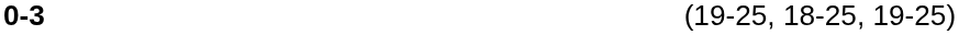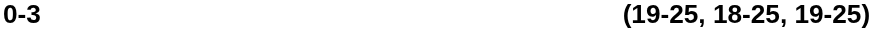 <table width=100% cellspacing=1>
 <tr>
 <th width=20%></th>
 <th width=12%></th>
 <th width=20%></th>
 <th width=33%></th>
 <td></td>
 </tr>
 <tr style=font-size:90%>
 <td align=right></td>
 <td align=center><strong>0-3</strong></td>
 <td></td>
-<td>(19-25, 18-25, 19-25)</td>
+<td><strong>(19-25, 18-25, 19-25)</strong></td>
 </tr>
 </table>
